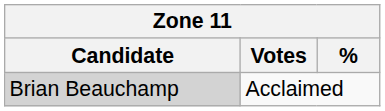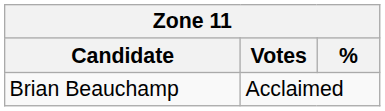 <table class="wikitable">
 <tr>
 <th colspan="3">Zone 11</th>
 </tr>
 <tr>
 <th style="width: 170px">Candidate</th>
 <th style="width: 50px">Votes</th>
 <th style="width: 40px">%</th>
 </tr>
 <tr>
-<td style="background: lightgrey;">Brian Beauchamp</td>
+<td>Brian Beauchamp</td>
 <td colspan="2">Acclaimed</td>
 </tr>
 </table>
